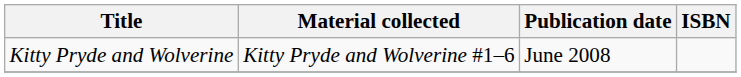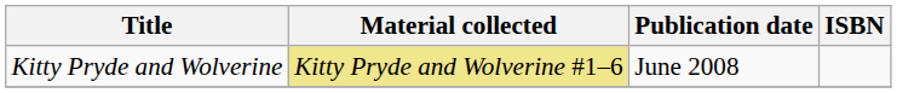 <table class="wikitable">
 <tr>
 <th>Title</th>
 <th>Material collected</th>
 <th>Publication date</th>
 <th>ISBN</th>
 </tr>
 <tr>
 <td><em>Kitty Pryde and Wolverine</em></td>
-<td><em>Kitty Pryde and Wolverine</em> #1–6</td>
+<td style="background: khaki;"><em>Kitty Pryde and Wolverine</em> #1–6</td>
 <td>June 2008</td>
 <td></td>
 </tr>
 <tr>
 </tr>
 </table>
